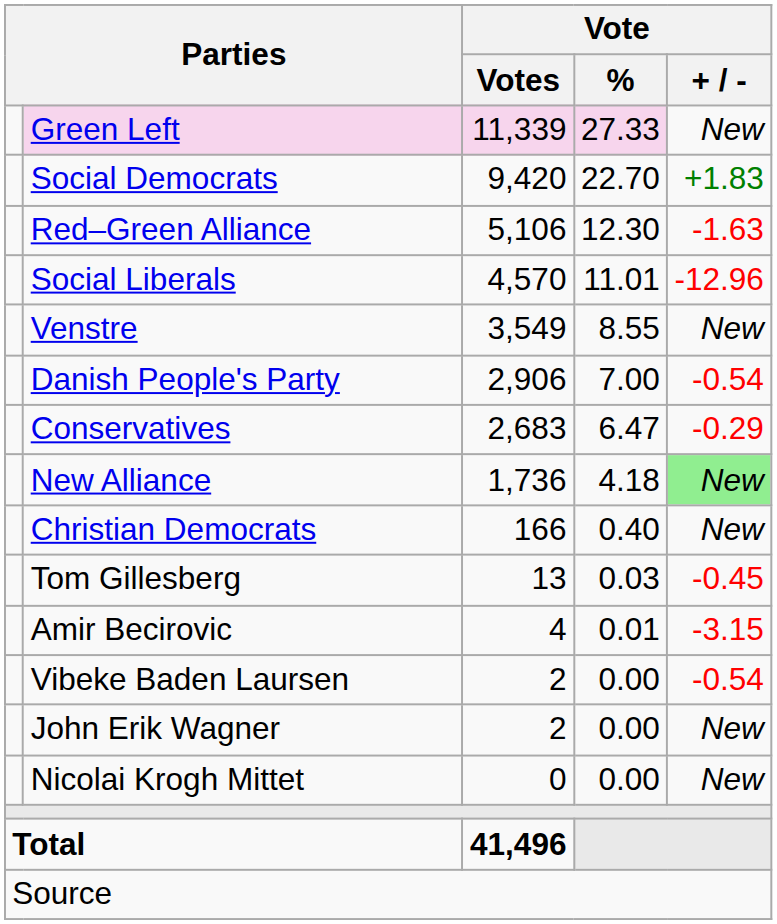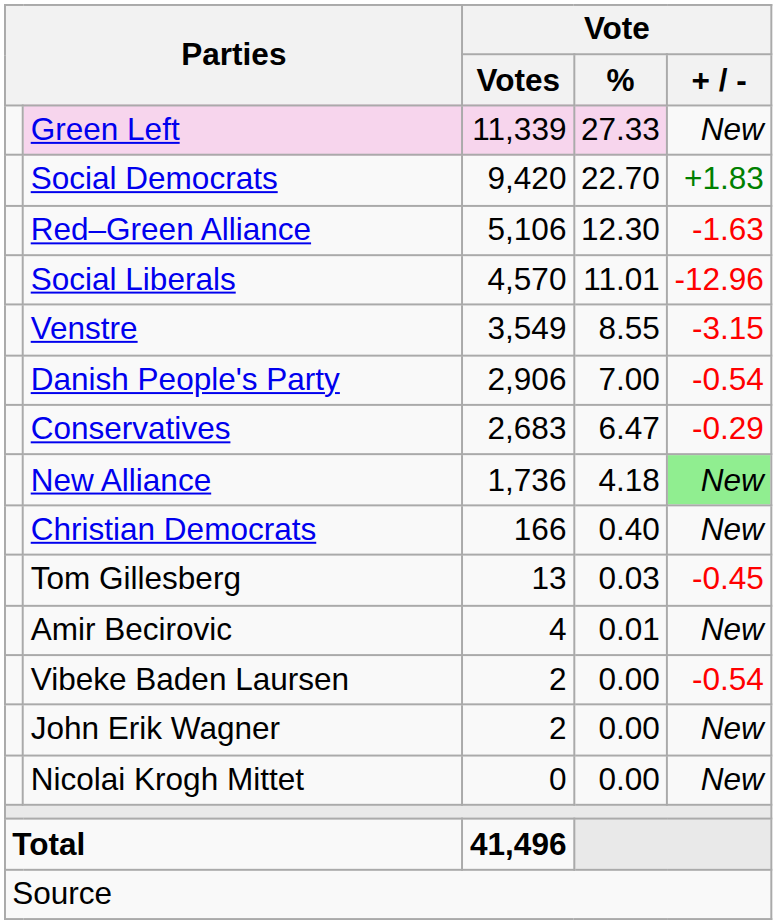 <table class="wikitable" style="text-align:right;">
 <tr>
 <th style="text-align:centre;" rowspan="2" colspan="2" width="225">Parties</th>
 <th colspan="3">Vote</th>
 </tr>
 <tr>
 <th width="15">Votes</th>
 <th width="15">%</th>
 <th width="15">+ / -</th>
 </tr>
 <tr>
 <td width="2" style="color:inherit;background:"></td>
 <td bgcolor=#f7d5ed  align="left"><a href='#'>Green Left</a></td>
 <td bgcolor=#f7d5ed>11,339</td>
 <td bgcolor=#f7d5ed>27.33</td>
 <td><em>New</em></td>
 </tr>
 <tr>
 <td width="2" style="color:inherit;background:"></td>
 <td align="left"><a href='#'>Social Democrats</a></td>
 <td>9,420</td>
 <td>22.70</td>
 <td style=color:green;>+1.83</td>
 </tr>
 <tr>
 <td width="2" style="color:inherit;background:"></td>
 <td align="left"><a href='#'>Red–Green Alliance</a></td>
 <td>5,106</td>
 <td>12.30</td>
 <td style=color:red;>-1.63</td>
 </tr>
 <tr>
 <td width="2" style="color:inherit;background:"></td>
 <td align="left"><a href='#'>Social Liberals</a></td>
 <td>4,570</td>
 <td>11.01</td>
 <td style=color:red;>-12.96</td>
 </tr>
 <tr>
 <td width="2" style="color:inherit;background:"></td>
 <td align="left"><a href='#'>Venstre</a></td>
 <td>3,549</td>
 <td>8.55</td>
-<td><em>New</em></td>
+<td style=color:red;>-3.15</td>
 </tr>
 <tr>
 <td width="2" style="color:inherit;background:"></td>
 <td align="left"><a href='#'>Danish People's Party</a></td>
 <td>2,906</td>
 <td>7.00</td>
 <td style=color:red;>-0.54</td>
 </tr>
 <tr>
 <td width="2" style="color:inherit;background:"></td>
 <td align="left"><a href='#'>Conservatives</a></td>
 <td>2,683</td>
 <td>6.47</td>
 <td style=color:red;>-0.29</td>
 </tr>
 <tr>
 <td width="2" style="color:inherit;background:"></td>
 <td align="left"><a href='#'>New Alliance</a></td>
 <td>1,736</td>
 <td>4.18</td>
 <td style="background: lightgreen;"><em>New</em></td>
 </tr>
 <tr>
 <td width="2" style="color:inherit;background:"></td>
 <td align="left"><a href='#'>Christian Democrats</a></td>
 <td>166</td>
 <td>0.40</td>
 <td><em>New</em></td>
 </tr>
 <tr>
 <td width="2" style="color:inherit;background:"></td>
 <td align="left">Tom Gillesberg</td>
 <td>13</td>
 <td>0.03</td>
 <td style=color:red;>-0.45</td>
 </tr>
 <tr>
 <td width="2" style="color:inherit;background:"></td>
 <td align="left">Amir Becirovic</td>
 <td>4</td>
 <td>0.01</td>
-<td style=color:red;>-3.15</td>
+<td><em>New</em></td>
 </tr>
 <tr>
 <td width="2" style="color:inherit;background:"></td>
 <td align="left">Vibeke Baden Laursen</td>
 <td>2</td>
 <td>0.00</td>
 <td style=color:red;>-0.54</td>
 </tr>
 <tr>
 <td width="2" style="color:inherit;background:"></td>
 <td align="left">John Erik Wagner</td>
 <td>2</td>
 <td>0.00</td>
 <td><em>New</em></td>
 </tr>
 <tr>
 <td width="2" style="color:inherit;background:"></td>
 <td align="left">Nicolai Krogh Mittet</td>
 <td>0</td>
 <td>0.00</td>
 <td><em>New</em></td>
 </tr>
 <tr>
 <td colspan="7" bgcolor="#E9E9E9"></td>
 </tr>
 <tr>
 <td align="left" colspan="2"><strong>Total</strong></td>
 <td><strong>41,496</strong></td>
 <td bgcolor="#E9E9E9" colspan="2"></td>
 </tr>
 <tr>
 <td align="left" colspan="6">Source</td>
 </tr>
 </table>
